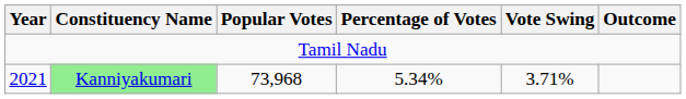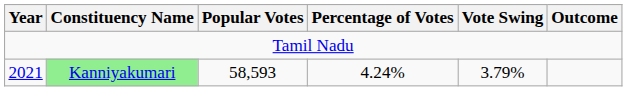 <table class="wikitable sortable" style="text-align:center;">
 <tr>
 <th style="background-color:">Year</th>
 <th style="background-color:">Constituency Name</th>
 <th style="background-color:">Popular Votes</th>
 <th style="background-color:">Percentage of Votes</th>
 <th style="background-color:">Vote Swing</th>
 <th style="background-color:">Outcome</th>
 </tr>
 <tr>
 <td colspan=8> <a href='#'>Tamil Nadu</a></td>
 </tr>
 <tr>
 <td><a href='#'>2021</a></td>
 <td style="background: lightgreen;"><a href='#'>Kanniyakumari</a></td>
-<td>73,968</td>
-<td>5.34%</td>
-<td> 3.71%</td>
+<td>58,593</td>
+<td>4.24%</td>
+<td> 3.79%</td>
 <td></td>
 </tr>
 </table>
